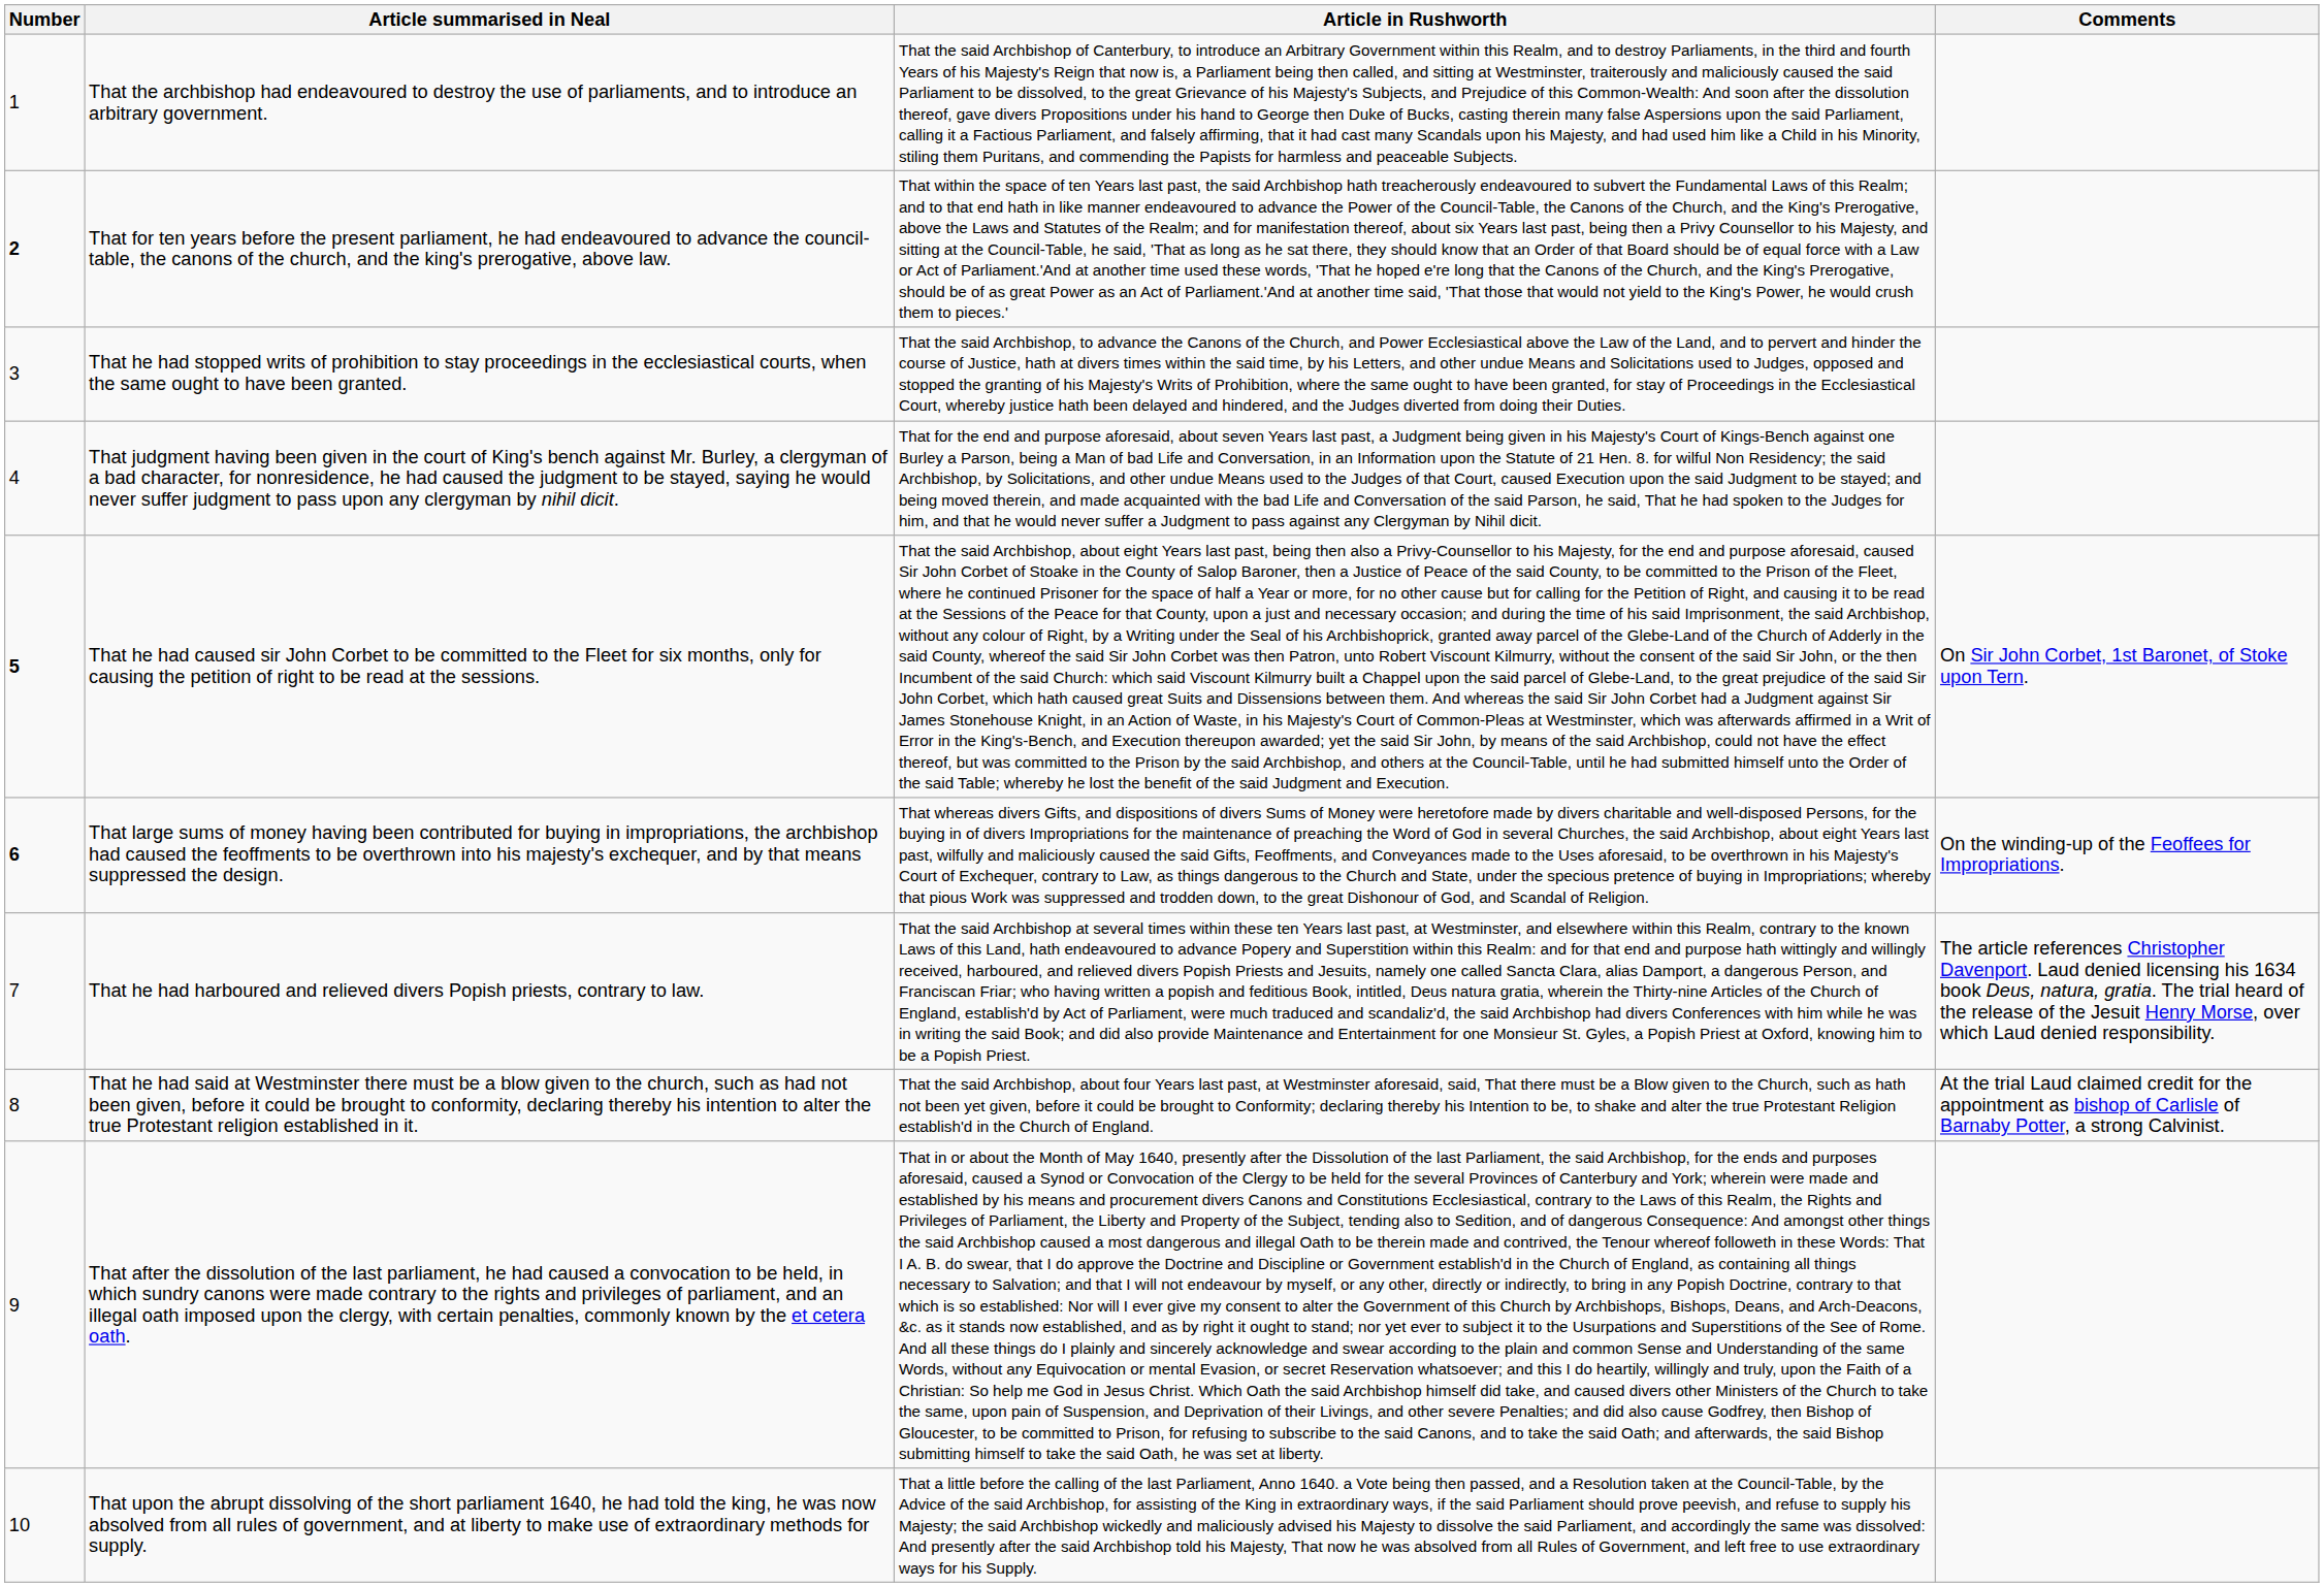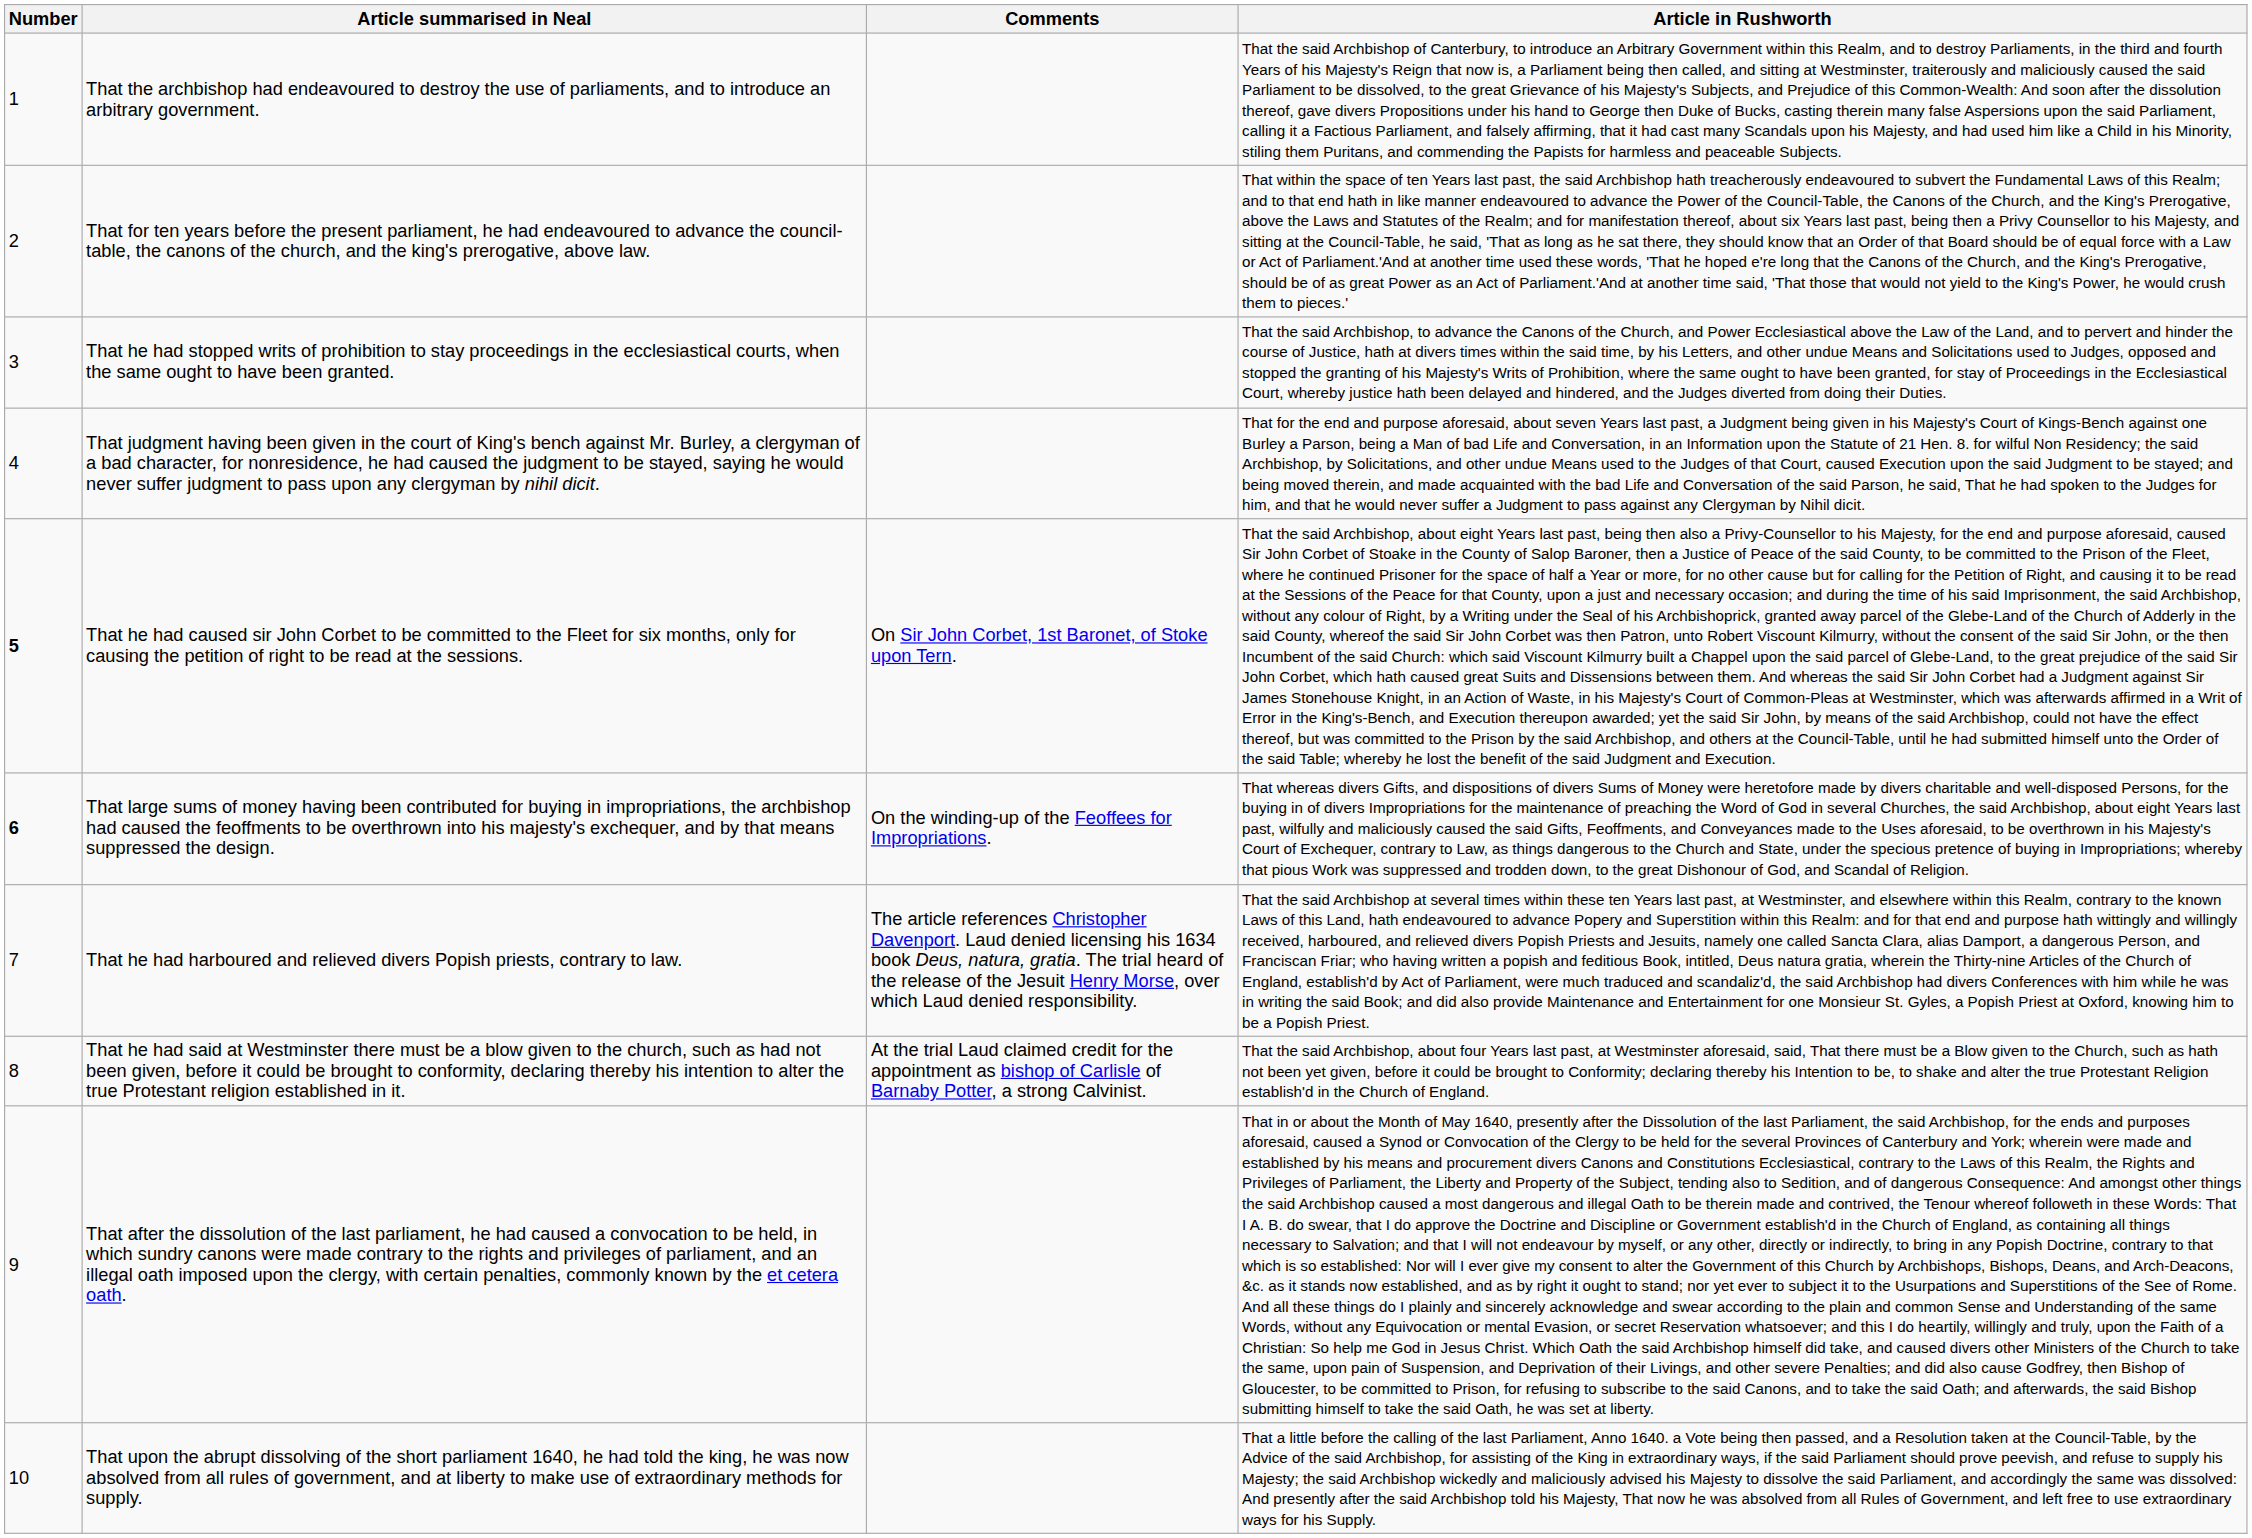 <table class="wikitable">
 <tr>
 <th scope="col" style="width: 30px;">Number</th>
 <th scope="col" style="width: 35%;">Article summarised in Neal</th>
+<th>Comments</th>
 <th scope="col" style="width: 45%;">Article in Rushworth</th>
-<th>Comments</th>
 </tr>
 <tr>
 <td>1</td>
 <td>That the archbishop had endeavoured to destroy the use of parliaments, and to introduce an arbitrary government.</td>
+<td></td>
 <td><small>That the said Archbishop of Canterbury, to introduce an Arbitrary Government within this Realm, and to destroy Parliaments, in the third and fourth Years of his Majesty's Reign that now is, a Parliament being then called, and sitting at Westminster, traiterously and maliciously caused the said Parliament to be dissolved, to the great Grievance of his Majesty's Subjects, and Prejudice of this Common-Wealth: And soon after the dissolution thereof, gave divers Propositions under his hand to George then Duke of Bucks, casting therein many false Aspersions upon the said Parliament, calling it a Factious Parliament, and falsely affirming, that it had cast many Scandals upon his Majesty, and had used him like a Child in his Minority, stiling them Puritans, and commending the Papists for harmless and peaceable Subjects.</small></td>
-<td></td>
 </tr>
 <tr>
-<td><strong>2</strong></td>
+<td>2</td>
 <td>That for ten years before the present parliament, he had endeavoured to advance the council-table, the canons of the church, and the king's prerogative, above law.</td>
+<td></td>
 <td><small>That within the space of ten Years last past, the said Archbishop hath treacherously endeavoured to subvert the Fundamental Laws of this Realm; and to that end hath in like manner endeavoured to advance the Power of the Council-Table, the Canons of the Church, and the King's Prerogative, above the Laws and Statutes of the Realm; and for manifestation thereof, about six Years last past, being then a Privy Counsellor to his Majesty, and sitting at the Council-Table, he said, 'That as long as he sat there, they should know that an Order of that Board should be of equal force with a Law or Act of Parliament.'And at another time used these words, 'That he hoped e're long that the Canons of the Church, and the King's Prerogative, should be of as great Power as an Act of Parliament.'And at another time said, 'That those that would not yield to the King's Power, he would crush them to pieces.'</small></td>
-<td></td>
 </tr>
 <tr>
 <td>3</td>
 <td>That he had stopped writs of prohibition to stay proceedings in the ecclesiastical courts, when the same ought to have been granted.</td>
+<td></td>
 <td><small>That the said Archbishop, to advance the Canons of the Church, and Power Ecclesiastical above the Law of the Land, and to pervert and hinder the course of Justice, hath at divers times within the said time, by his Letters, and other undue Means and Solicitations used to Judges, opposed and stopped the granting of his Majesty's Writs of Prohibition, where the same ought to have been granted, for stay of Proceedings in the Ecclesiastical Court, whereby justice hath been delayed and hindered, and the Judges diverted from doing their Duties.</small></td>
-<td></td>
 </tr>
 <tr>
 <td>4</td>
 <td>That judgment having been given in the court of King's bench against Mr. Burley, a clergyman of a bad character, for nonresidence, he had caused the judgment to be stayed, saying he would never suffer judgment to pass upon any clergyman by <em>nihil dicit</em>.</td>
+<td></td>
 <td><small>That for the end and purpose aforesaid, about seven Years last past, a Judgment being given in his Majesty's Court of Kings-Bench against one Burley a Parson, being a Man of bad Life and Conversation, in an Information upon the Statute of 21 Hen. 8. for wilful Non Residency; the said Archbishop, by Solicitations, and other undue Means used to the Judges of that Court, caused Execution upon the said Judgment to be stayed; and being moved therein, and made acquainted with the bad Life and Conversation of the said Parson, he said, That he had spoken to the Judges for him, and that he would never suffer a Judgment to pass against any Clergyman by Nihil dicit.</small></td>
-<td></td>
 </tr>
 <tr>
 <td><strong>5</strong></td>
 <td>That he had caused sir John Corbet to be committed to the Fleet for six months, only for causing the petition of right to be read at the sessions.</td>
+<td>On <a href='#'>Sir John Corbet, 1st Baronet, of Stoke upon Tern</a>.</td>
 <td><small>That the said Archbishop, about eight Years last past, being then also a Privy-Counsellor to his Majesty, for the end and purpose aforesaid, caused Sir John Corbet of Stoake in the County of Salop Baroner, then a Justice of Peace of the said County, to be committed to the Prison of the Fleet, where he continued Prisoner for the space of half a Year or more, for no other cause but for calling for the Petition of Right, and causing it to be read at the Sessions of the Peace for that County, upon a just and necessary occasion; and during the time of his said Imprisonment, the said Archbishop, without any colour of Right, by a Writing under the Seal of his Archbishoprick, granted away parcel of the Glebe-Land of the Church of Adderly in the said County, whereof the said Sir John Corbet was then Patron, unto Robert Viscount Kilmurry, without the consent of the said Sir John, or the then Incumbent of the said Church: which said Viscount Kilmurry built a Chappel upon the said parcel of Glebe-Land, to the great prejudice of the said Sir John Corbet, which hath caused great Suits and Dissensions between them. And whereas the said Sir John Corbet had a Judgment against Sir James Stonehouse Knight, in an Action of Waste, in his Majesty's Court of Common-Pleas at Westminster, which was afterwards affirmed in a Writ of Error in the King's-Bench, and Execution thereupon awarded; yet the said Sir John, by means of the said Archbishop, could not have the effect thereof, but was committed to the Prison by the said Archbishop, and others at the Council-Table, until he had submitted himself unto the Order of the said Table; whereby he lost the benefit of the said Judgment and Execution.</small></td>
-<td>On <a href='#'>Sir John Corbet, 1st Baronet, of Stoke upon Tern</a>.</td>
 </tr>
 <tr>
 <td><strong>6</strong></td>
 <td>That large sums of money having been contributed for buying in impropriations, the archbishop had caused the feoffments to be overthrown into his majesty's exchequer, and by that means suppressed the design.</td>
+<td>On the winding-up of the <a href='#'>Feoffees for Impropriations</a>.</td>
 <td><small>That whereas divers Gifts, and dispositions of divers Sums of Money were heretofore made by divers charitable and well-disposed Persons, for the buying in of divers Impropriations for the maintenance of preaching the Word of God in several Churches, the said Archbishop, about eight Years last past, wilfully and maliciously caused the said Gifts, Feoffments, and Conveyances made to the Uses aforesaid, to be overthrown in his Majesty's Court of Exchequer, contrary to Law, as things dangerous to the Church and State, under the specious pretence of buying in Impropriations; whereby that pious Work was suppressed and trodden down, to the great Dishonour of God, and Scandal of Religion.</small></td>
-<td>On the winding-up of the <a href='#'>Feoffees for Impropriations</a>.</td>
 </tr>
 <tr>
 <td>7</td>
 <td>That he had harboured and relieved divers Popish priests, contrary to law.</td>
+<td>The article references <a href='#'>Christopher Davenport</a>. Laud denied licensing his 1634 book <em>Deus, natura, gratia</em>. The trial heard of the release of the Jesuit <a href='#'>Henry Morse</a>, over which Laud denied responsibility.</td>
 <td><small>That the said Archbishop at several times within these ten Years last past, at Westminster, and elsewhere within this Realm, contrary to the known Laws of this Land, hath endeavoured to advance Popery and Superstition within this Realm: and for that end and purpose hath wittingly and willingly received, harboured, and relieved divers Popish Priests and Jesuits, namely one called Sancta Clara, alias Damport, a dangerous Person, and Franciscan Friar; who having written a popish and feditious Book, intitled, Deus natura gratia, wherein the Thirty-nine Articles of the Church of England, establish'd by Act of Parliament, were much traduced and scandaliz'd, the said Archbishop had divers Conferences with him while he was in writing the said Book; and did also provide Maintenance and Entertainment for one Monsieur St. Gyles, a Popish Priest at Oxford, knowing him to be a Popish Priest.</small></td>
-<td>The article references <a href='#'>Christopher Davenport</a>. Laud denied licensing his 1634 book <em>Deus, natura, gratia</em>. The trial heard of the release of the Jesuit <a href='#'>Henry Morse</a>, over which Laud denied responsibility.</td>
 </tr>
 <tr>
 <td>8</td>
 <td>That he had said at Westminster there must be a blow given to the church, such as had not been given, before it could be brought to conformity, declaring thereby his intention to alter the true Protestant religion established in it.</td>
+<td>At the trial Laud claimed credit for the appointment as <a href='#'>bishop of Carlisle</a> of <a href='#'>Barnaby Potter</a>, a strong Calvinist.</td>
 <td><small>That the said Archbishop, about four Years last past, at Westminster aforesaid, said, That there must be a Blow given to the Church, such as hath not been yet given, before it could be brought to Conformity; declaring thereby his Intention to be, to shake and alter the true Protestant Religion establish'd in the Church of England.</small></td>
-<td>At the trial Laud claimed credit for the appointment as <a href='#'>bishop of Carlisle</a> of <a href='#'>Barnaby Potter</a>, a strong Calvinist.</td>
 </tr>
 <tr>
 <td>9</td>
 <td>That after the dissolution of the last parliament, he had caused a convocation to be held, in which sundry canons were made contrary to the rights and privileges of parliament, and an illegal oath imposed upon the clergy, with certain penalties, commonly known by the <a href='#'>et cetera oath</a>.</td>
+<td></td>
 <td><small>That in or about the Month of May 1640, presently after the Dissolution of the last Parliament, the said Archbishop, for the ends and purposes aforesaid, caused a Synod or Convocation of the Clergy to be held for the several Provinces of Canterbury and York; wherein were made and established by his means and procurement divers Canons and Constitutions Ecclesiastical, contrary to the Laws of this Realm, the Rights and Privileges of Parliament, the Liberty and Property of the Subject, tending also to Sedition, and of dangerous Consequence: And amongst other things the said Archbishop caused a most dangerous and illegal Oath to be therein made and contrived, the Tenour whereof followeth in these Words: That I A. B. do swear, that I do approve the Doctrine and Discipline or Government establish'd in the Church of England, as containing all things necessary to Salvation; and that I will not endeavour by myself, or any other, directly or indirectly, to bring in any Popish Doctrine, contrary to that which is so established: Nor will I ever give my consent to alter the Government of this Church by Archbishops, Bishops, Deans, and Arch-Deacons, &c. as it stands now established, and as by right it ought to stand; nor yet ever to subject it to the Usurpations and Superstitions of the See of Rome. And all these things do I plainly and sincerely acknowledge and swear according to the plain and common Sense and Understanding of the same Words, without any Equivocation or mental Evasion, or secret Reservation whatsoever; and this I do heartily, willingly and truly, upon the Faith of a Christian: So help me God in Jesus Christ. Which Oath the said Archbishop himself did take, and caused divers other Ministers of the Church to take the same, upon pain of Suspension, and Deprivation of their Livings, and other severe Penalties; and did also cause Godfrey, then Bishop of Gloucester, to be committed to Prison, for refusing to subscribe to the said Canons, and to take the said Oath; and afterwards, the said Bishop submitting himself to take the said Oath, he was set at liberty.</small></td>
-<td></td>
 </tr>
 <tr>
 <td>10</td>
 <td>That upon the abrupt dissolving of the short parliament 1640, he had told the king, he was now absolved from all rules of government, and at liberty to make use of extraordinary methods for supply.</td>
+<td></td>
 <td><small>That a little before the calling of the last Parliament, Anno 1640. a Vote being then passed, and a Resolution taken at the Council-Table, by the Advice of the said Archbishop, for assisting of the King in extraordinary ways, if the said Parliament should prove peevish, and refuse to supply his Majesty; the said Archbishop wickedly and maliciously advised his Majesty to dissolve the said Parliament, and accordingly the same was dissolved: And presently after the said Archbishop told his Majesty, That now he was absolved from all Rules of Government, and left free to use extraordinary ways for his Supply.</small></td>
-<td></td>
 </tr>
 </table>
